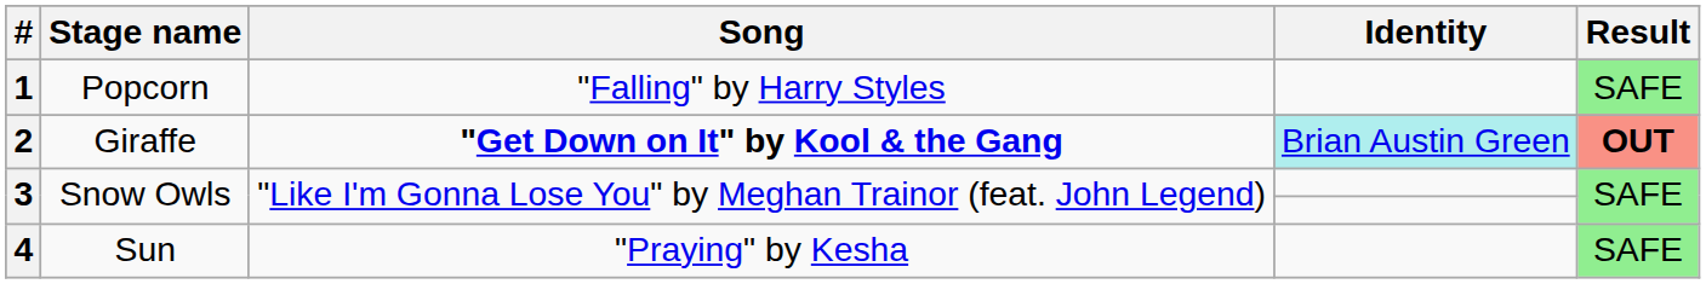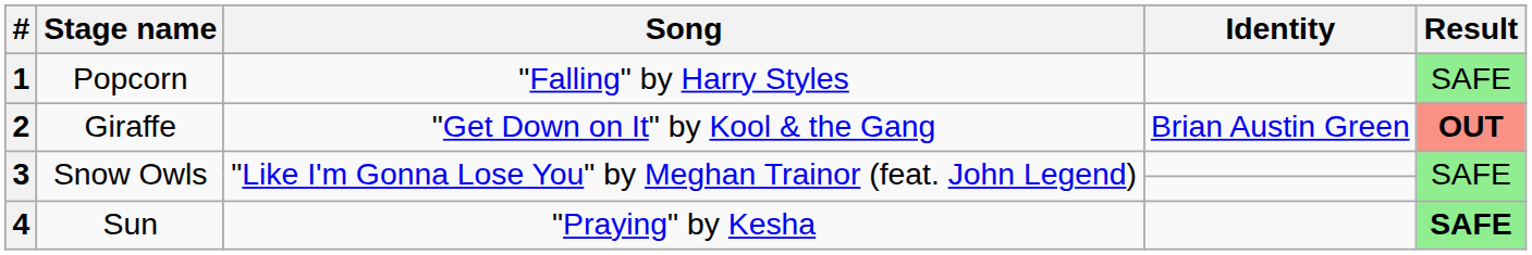 <table class="wikitable plainrowheaders" style="text-align: center;">
 <tr>
 <th>#</th>
 <th>Stage name</th>
 <th>Song</th>
 <th>Identity</th>
 <th colspan=2>Result</th>
 </tr>
 <tr>
 <th>1</th>
 <td>Popcorn</td>
 <td>"<a href='#'>Falling</a>" by <a href='#'>Harry Styles</a></td>
 <td></td>
 <td bgcolor=lightgreen>SAFE</td>
 </tr>
 <tr>
 <th>2</th>
 <td>Giraffe</td>
-<td><strong>"<a href='#'>Get Down on It</a>" by <a href='#'>Kool & the Gang</a></strong></td>
-<td style="background: paleturquoise;"><a href='#'>Brian Austin Green</a></td>
+<td>"<a href='#'>Get Down on It</a>" by <a href='#'>Kool & the Gang</a></td>
+<td><a href='#'>Brian Austin Green</a></td>
 <td bgcolor=#F99185><strong>OUT</strong></td>
 </tr>
 <tr>
 <th rowspan=2>3</th>
 <td rowspan=2>Snow Owls</td>
 <td rowspan=2>"<a href='#'>Like I'm Gonna Lose You</a>" by <a href='#'>Meghan Trainor</a> (feat. <a href='#'>John Legend</a>)</td>
 <td></td>
 <td rowspan=2 bgcolor=lightgreen>SAFE</td>
 </tr>
 <tr>
 <td></td>
 </tr>
 <tr>
 <th>4</th>
 <td>Sun</td>
 <td>"<a href='#'>Praying</a>" by <a href='#'>Kesha</a></td>
 <td></td>
-<td bgcolor=lightgreen>SAFE</td>
+<td bgcolor=lightgreen><strong>SAFE</strong></td>
 </tr>
 </table>
